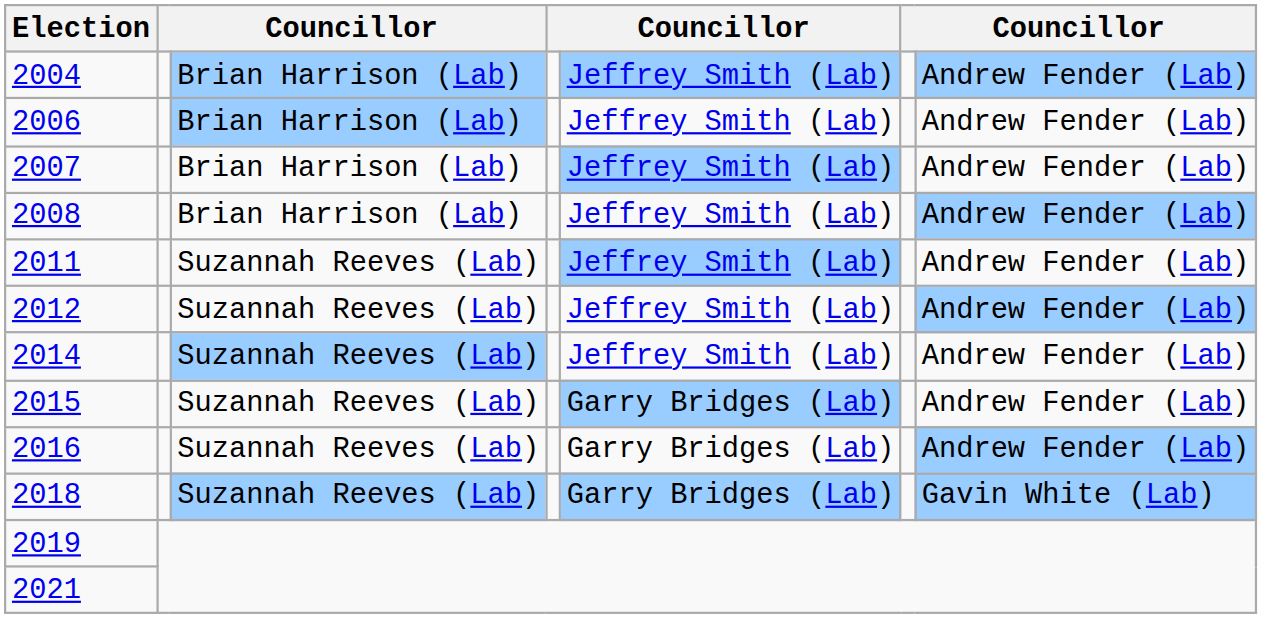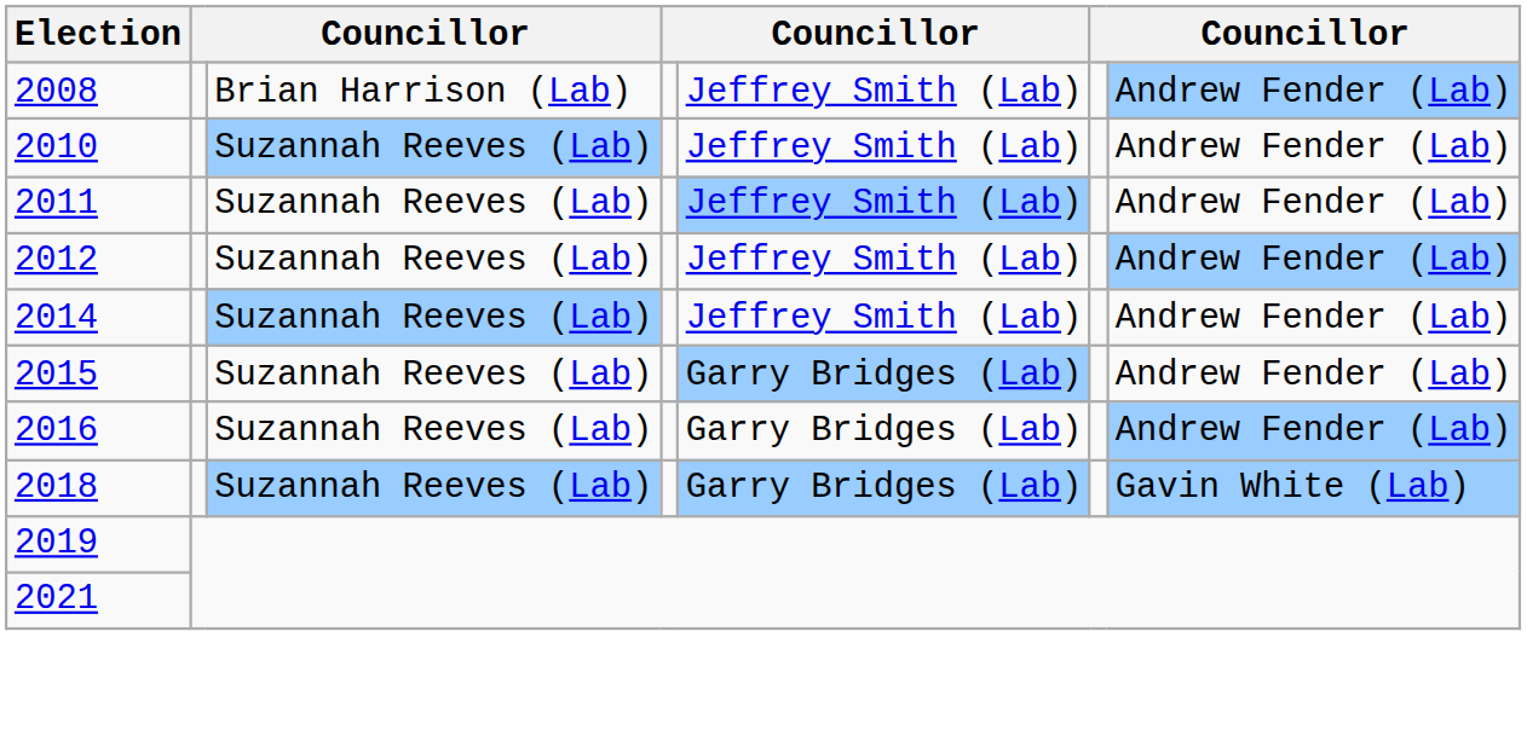 <table class="wikitable">
 <tr>
 <th>Election</th>
 <th colspan="2">Councillor</th>
 <th colspan="2">Councillor</th>
 <th colspan="2">Councillor</th>
-</tr>
-<tr>
-<td><a href='#'>2004</a></td>
-<td style="background-color: "></td>
-<td bgcolor="#99CCFF">Brian Harrison (<a href='#'>Lab</a>)</td>
-<td style="background-color: "></td>
-<td bgcolor="#99CCFF"><a href='#'>Jeffrey Smith</a> (<a href='#'>Lab</a>)</td>
-<td style="background-color: "></td>
-<td bgcolor="#99CCFF">Andrew Fender (<a href='#'>Lab</a>)</td>
-</tr>
-<tr>
-<td><a href='#'>2006</a></td>
-<td style="background-color: "></td>
-<td bgcolor="#99CCFF">Brian Harrison (<a href='#'>Lab</a>)</td>
-<td style="background-color: "></td>
-<td><a href='#'>Jeffrey Smith</a> (<a href='#'>Lab</a>)</td>
-<td style="background-color: "></td>
-<td>Andrew Fender (<a href='#'>Lab</a>)</td>
-</tr>
-<tr>
-<td><a href='#'>2007</a></td>
-<td style="background-color: "></td>
-<td>Brian Harrison (<a href='#'>Lab</a>)</td>
-<td style="background-color: "></td>
-<td bgcolor="#99CCFF"><a href='#'>Jeffrey Smith</a> (<a href='#'>Lab</a>)</td>
-<td style="background-color: "></td>
-<td>Andrew Fender (<a href='#'>Lab</a>)</td>
 </tr>
 <tr>
 <td><a href='#'>2008</a></td>
 <td style="background-color: "></td>
 <td>Brian Harrison (<a href='#'>Lab</a>)</td>
 <td style="background-color: "></td>
 <td><a href='#'>Jeffrey Smith</a> (<a href='#'>Lab</a>)</td>
 <td style="background-color: "></td>
 <td bgcolor="#99CCFF">Andrew Fender (<a href='#'>Lab</a>)</td>
+</tr>
+<tr>
+<td><a href='#'>2010</a></td>
+<td style="background-color: "></td>
+<td bgcolor="#99CCFF">Suzannah Reeves (<a href='#'>Lab</a>)</td>
+<td style="background-color: "></td>
+<td><a href='#'>Jeffrey Smith</a> (<a href='#'>Lab</a>)</td>
+<td style="background-color: "></td>
+<td>Andrew Fender (<a href='#'>Lab</a>)</td>
 </tr>
 <tr>
 <td><a href='#'>2011</a></td>
 <td style="background-color: "></td>
 <td>Suzannah Reeves (<a href='#'>Lab</a>)</td>
 <td style="background-color: "></td>
 <td bgcolor="#99CCFF"><a href='#'>Jeffrey Smith</a> (<a href='#'>Lab</a>)</td>
 <td style="background-color: "></td>
 <td>Andrew Fender (<a href='#'>Lab</a>)</td>
 </tr>
 <tr>
 <td><a href='#'>2012</a></td>
 <td style="background-color: "></td>
 <td>Suzannah Reeves (<a href='#'>Lab</a>)</td>
 <td style="background-color: "></td>
 <td><a href='#'>Jeffrey Smith</a> (<a href='#'>Lab</a>)</td>
 <td style="background-color: "></td>
 <td bgcolor="#99CCFF">Andrew Fender (<a href='#'>Lab</a>)</td>
 </tr>
 <tr>
 <td><a href='#'>2014</a></td>
 <td style="background-color: "></td>
 <td bgcolor="#99CCFF">Suzannah Reeves (<a href='#'>Lab</a>)</td>
 <td style="background-color: "></td>
 <td><a href='#'>Jeffrey Smith</a> (<a href='#'>Lab</a>)</td>
 <td style="background-color: "></td>
 <td>Andrew Fender (<a href='#'>Lab</a>)</td>
 </tr>
 <tr>
 <td><a href='#'>2015</a></td>
 <td style="background-color: "></td>
 <td>Suzannah Reeves (<a href='#'>Lab</a>)</td>
 <td style="background-color: "></td>
 <td bgcolor="#99CCFF">Garry Bridges (<a href='#'>Lab</a>)</td>
 <td style="background-color: "></td>
 <td>Andrew Fender (<a href='#'>Lab</a>)</td>
 </tr>
 <tr>
 <td><a href='#'>2016</a></td>
 <td style="background-color: "></td>
 <td>Suzannah Reeves (<a href='#'>Lab</a>)</td>
 <td style="background-color: "></td>
 <td>Garry Bridges (<a href='#'>Lab</a>)</td>
 <td style="background-color: "></td>
 <td bgcolor="#99CCFF">Andrew Fender (<a href='#'>Lab</a>)</td>
 </tr>
 <tr>
 <td><a href='#'>2018</a></td>
 <td style="background-color: "></td>
 <td bgcolor="#99CCFF">Suzannah Reeves (<a href='#'>Lab</a>)</td>
 <td style="background-color: "></td>
 <td bgcolor="#99CCFF">Garry Bridges (<a href='#'>Lab</a>)</td>
 <td style="background-color: "></td>
 <td bgcolor="#99CCFF">Gavin White (<a href='#'>Lab</a>)</td>
 </tr>
 <tr>
 <td><a href='#'>2019</a><br>  </td>
 </tr>
 <tr>
 <td><a href='#'>2021</a><br>  </td>
 </tr>
 </table>
